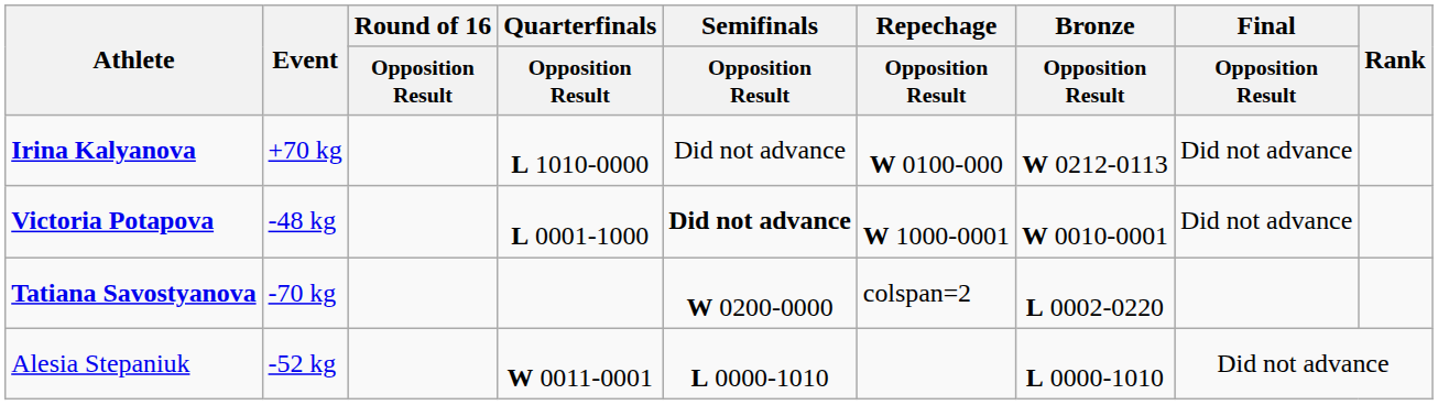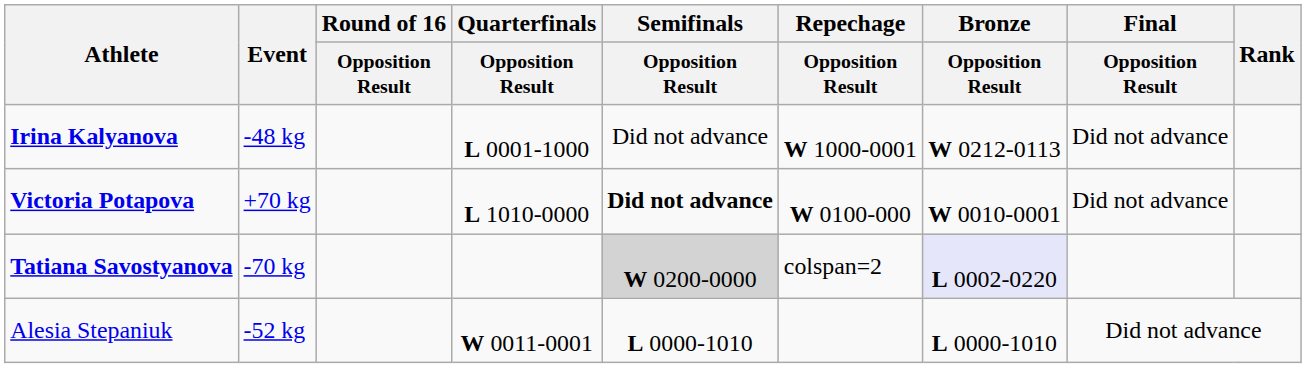 <table class="wikitable">
 <tr>
 <th rowspan="2">Athlete</th>
 <th rowspan="2">Event</th>
 <th>Round of 16</th>
 <th>Quarterfinals</th>
 <th>Semifinals</th>
 <th>Repechage</th>
 <th>Bronze</th>
 <th>Final</th>
 <th rowspan="2">Rank</th>
 </tr>
 <tr>
 <th style="line-height:1em"><small>Opposition<br>Result</small></th>
 <th style="line-height:1em"><small>Opposition<br>Result</small></th>
 <th style="line-height:1em"><small>Opposition<br>Result</small></th>
 <th style="line-height:1em"><small>Opposition<br>Result</small></th>
 <th style="line-height:1em"><small>Opposition<br>Result</small></th>
 <th style="line-height:1em"><small>Opposition<br>Result</small></th>
 </tr>
 <tr>
 <td><strong><a href='#'>Irina Kalyanova</a></strong></td>
-<td><a href='#'>+70 kg</a></td>
+<td><a href='#'>-48 kg</a></td>
 <td></td>
-<td align=center><br><strong>L</strong> 1010-0000</td>
+<td align=center><br><strong>L</strong> 0001-1000</td>
 <td align=center>Did not advance</td>
-<td align=center><br><strong>W</strong> 0100-000</td>
+<td align=center><br><strong>W</strong> 1000-0001</td>
 <td align=center><br><strong>W</strong> 0212-0113</td>
 <td align=center>Did not advance</td>
 <td align=center></td>
 </tr>
 <tr>
 <td><strong><a href='#'>Victoria Potapova</a></strong></td>
-<td><a href='#'>-48 kg</a></td>
+<td><a href='#'>+70 kg</a></td>
 <td></td>
-<td align=center><br><strong>L</strong> 0001-1000</td>
+<td align=center><br><strong>L</strong> 1010-0000</td>
 <td align=center><strong>Did not advance</strong></td>
-<td align=center><br><strong>W</strong> 1000-0001</td>
+<td align=center><br><strong>W</strong> 0100-000</td>
 <td align=center><br><strong>W</strong> 0010-0001</td>
 <td align=center>Did not advance</td>
 <td align=center></td>
 </tr>
 <tr>
 <td><strong><a href='#'>Tatiana Savostyanova</a></strong></td>
 <td><a href='#'>-70 kg</a></td>
 <td></td>
 <td></td>
-<td align=center><br><strong>W</strong> 0200-0000</td>
+<td align=center style="background: lightgrey;"><br><strong>W</strong> 0200-0000</td>
 <td>colspan=2 </td>
-<td align=center><br><strong>L</strong> 0002-0220</td>
+<td align=center style="background: lavender;"><br><strong>L</strong> 0002-0220</td>
 <td align=center></td>
 </tr>
 <tr>
 <td><a href='#'>Alesia Stepaniuk</a></td>
 <td><a href='#'>-52 kg</a></td>
 <td></td>
 <td align=center><br><strong>W</strong> 0011-0001</td>
 <td align=center><br><strong>L</strong> 0000-1010</td>
 <td></td>
 <td align=center><br><strong>L</strong> 0000-1010</td>
 <td align=center colspan=2>Did not advance</td>
 </tr>
 </table>
